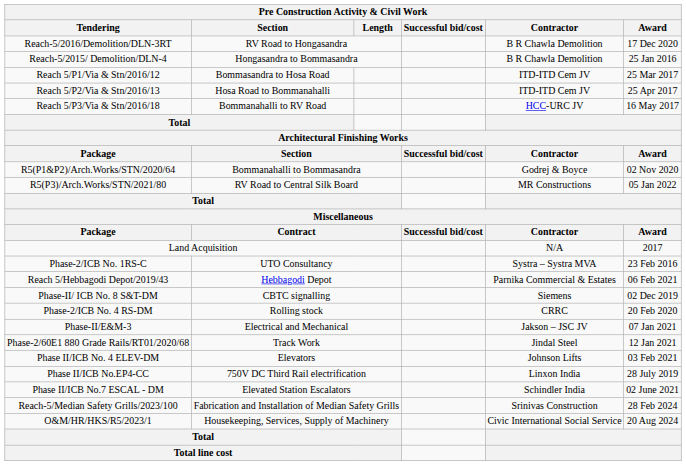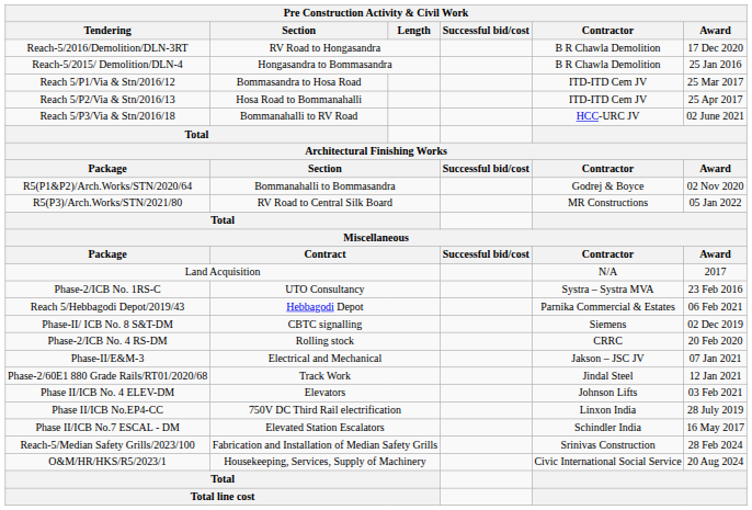 <table class="wikitable" style="text-align:center;margin:auto;">
 <tr>
 <th colspan="6" align="center" style="background:#"><span><strong>Pre Construction Activity & Civil Work</strong></span></th>
 </tr>
 <tr>
 <th>Tendering</th>
 <th>Section</th>
 <th>Length</th>
 <th>Successful bid/cost</th>
 <th>Contractor</th>
 <th>Award</th>
 </tr>
 <tr>
 <td>Reach-5/2016/Demolition/DLN-3RT</td>
 <td colspan="2">RV Road to Hongasandra</td>
 <td></td>
 <td>B R Chawla Demolition</td>
 <td>17 Dec 2020</td>
 </tr>
 <tr>
 <td>Reach-5/2015/ Demolition/DLN-4</td>
 <td colspan="2">Hongasandra to Bommasandra</td>
 <td></td>
 <td>B R Chawla Demolition</td>
 <td>25 Jan 2016</td>
 </tr>
 <tr>
 <td>Reach 5/P1/Via & Stn/2016/12</td>
 <td>Bommasandra to Hosa Road</td>
 <td style="text-align:center;"></td>
 <td></td>
 <td style="text-align:center;">ITD-ITD Cem JV</td>
 <td>25 Mar 2017</td>
 </tr>
 <tr>
 <td>Reach 5/P2/Via & Stn/2016/13</td>
 <td>Hosa Road to Bommanahalli</td>
 <td style="text-align:center;"></td>
 <td></td>
 <td style="text-align:center;">ITD-ITD Cem JV</td>
 <td>25 Apr 2017</td>
 </tr>
 <tr>
 <td>Reach 5/P3/Via & Stn/2016/18</td>
 <td>Bommanahalli to RV Road</td>
 <td style="text-align:center;"></td>
 <td></td>
 <td style="text-align:center;"><a href='#'>HCC</a>-URC JV</td>
-<td>16 May 2017</td>
+<td>02 June 2021</td>
 </tr>
 <tr>
 <th colspan="2">Total</th>
 <td></td>
 <td></td>
 <th colspan="2"></th>
 </tr>
 <tr>
 <th colspan="6" align="center" style="background:#"><span><strong>Architectural Finishing Works</strong></span></th>
 </tr>
 <tr>
 <th>Package</th>
 <th colspan="2">Section</th>
 <th>Successful bid/cost</th>
 <th>Contractor</th>
 <th>Award</th>
 </tr>
 <tr>
 <td>R5(P1&P2)/Arch.Works/STN/2020/64</td>
 <td colspan="2">Bommanahalli to Bommasandra</td>
 <td></td>
 <td style="text-align:center;">Godrej & Boyce</td>
 <td>02 Nov 2020</td>
 </tr>
 <tr>
 <td>R5(P3)/Arch.Works/STN/2021/80</td>
 <td colspan="2">RV Road to Central Silk Board</td>
 <td></td>
 <td style="text-align:center;">MR Constructions</td>
 <td>05 Jan 2022</td>
 </tr>
 <tr>
 <th colspan="3">Total</th>
 <td></td>
 <th colspan="2"></th>
 </tr>
 <tr>
 <th colspan="6" align="center" style="background:#"><span><strong>Miscellaneous</strong></span></th>
 </tr>
 <tr>
 <th>Package</th>
 <th colspan="2">Contract</th>
 <th>Successful bid/cost</th>
 <th>Contractor</th>
 <th>Award</th>
 </tr>
 <tr>
 <td colspan="3">Land Acquisition</td>
 <td></td>
 <td>N/A</td>
 <td>2017</td>
 </tr>
 <tr>
 <td>Phase-2/ICB No. 1RS-C</td>
 <td colspan="2">UTO Consultancy</td>
 <td></td>
 <td>Systra – Systra MVA</td>
 <td>23 Feb 2016</td>
 </tr>
 <tr>
 <td>Reach 5/Hebbagodi Depot/2019/43</td>
 <td colspan="2"><a href='#'>Hebbagodi</a> Depot</td>
 <td style="text-align:center;"></td>
 <td style="text-align:center;">Parnika Commercial & Estates</td>
 <td>06 Feb 2021</td>
 </tr>
 <tr>
 <td>Phase-II/ ICB No. 8 S&T-DM</td>
 <td colspan="2">CBTC signalling</td>
 <td></td>
 <td style="text-align:center;">Siemens</td>
 <td>02 Dec 2019</td>
 </tr>
 <tr>
 <td>Phase-2/ICB No. 4 RS-DM </td>
 <td colspan="2">Rolling stock</td>
 <td></td>
 <td>CRRC</td>
 <td>20 Feb 2020</td>
 </tr>
 <tr>
 <td>Phase-II/E&M-3 </td>
 <td colspan="2">Electrical and Mechanical</td>
 <td style="text-align:center;"></td>
 <td style="text-align:center;">Jakson – JSC JV</td>
 <td>07 Jan 2021</td>
 </tr>
 <tr>
 <td>Phase-2/60E1 880 Grade Rails/RT01/2020/68 </td>
 <td colspan="2">Track Work</td>
 <td style="text-align:center;"></td>
 <td style="text-align:center;">Jindal Steel</td>
 <td>12 Jan 2021</td>
 </tr>
 <tr>
 <td>Phase II/ICB No. 4 ELEV-DM </td>
 <td colspan="2">Elevators</td>
 <td style="text-align:center;"></td>
 <td style="text-align:center;">Johnson Lifts</td>
 <td>03 Feb 2021</td>
 </tr>
 <tr>
 <td>Phase II/ICB No.EP4-CC </td>
 <td colspan="2">750V DC Third Rail electrification</td>
 <td style="text-align:center;"></td>
 <td style="text-align:center;">Linxon India</td>
 <td>28 July 2019</td>
 </tr>
 <tr>
 <td>Phase II/ICB No.7 ESCAL - DM </td>
 <td colspan="2">Elevated Station Escalators</td>
 <td></td>
 <td>Schindler India</td>
-<td>02 June 2021</td>
+<td>16 May 2017</td>
 </tr>
 <tr>
 <td>Reach-5/Median Safety Grills/2023/100</td>
 <td colspan="2">Fabrication and Installation of Median Safety Grills</td>
 <td style="text-align:center;"></td>
 <td style="text-align:center;">Srinivas Construction</td>
 <td>28 Feb 2024</td>
 </tr>
 <tr>
 <td>O&M/HR/HKS/R5/2023/1</td>
 <td colspan="2">Housekeeping, Services, Supply of Machinery</td>
 <td></td>
 <td>Civic International Social Service</td>
 <td>20 Aug 2024</td>
 </tr>
 <tr>
 <th colspan="3">Total</th>
 <td></td>
 <th colspan="2"></th>
 </tr>
 <tr>
 <th colspan="3">Total line cost</th>
 <td></td>
 <th colspan="2"></th>
 </tr>
 </table>
